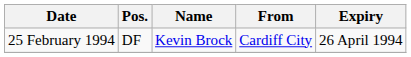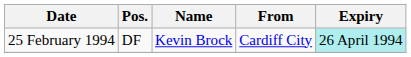 <table class="wikitable">
 <tr>
 <th>Date</th>
 <th>Pos.</th>
 <th>Name</th>
 <th>From</th>
 <th>Expiry</th>
 </tr>
 <tr>
 <td>25 February 1994 </td>
 <td>DF</td>
 <td> <a href='#'>Kevin Brock</a></td>
 <td> <a href='#'>Cardiff City</a></td>
-<td>26 April 1994</td>
+<td style="background: paleturquoise;">26 April 1994</td>
 </tr>
 <tr>
 </tr>
 </table>
